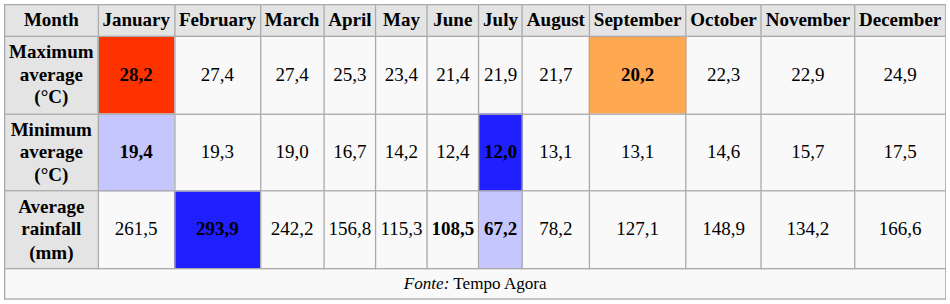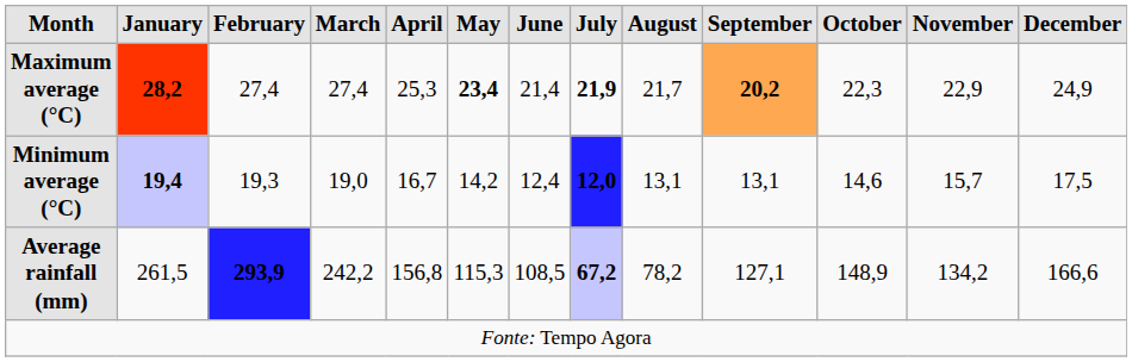 <table class="wikitable" style="font-size:90%;width:100%;border:0px;text-align:center;line-height:120%;">
 <tr>
 <th style="background: #E4E4E4; color: black;" height="17">Month</th>
 <th style="background: #E4E4E4; color: black;">January</th>
 <th style="background: #E4E4E4; color: black;">February</th>
 <th style="background: #E4E4E4; color: black;">March</th>
 <th style="background: #E4E4E4; color: black;">April</th>
 <th style="background: #E4E4E4; color: black;">May</th>
 <th style="background: #E4E4E4; color: black;">June</th>
 <th style="background: #E4E4E4; color: black;">July</th>
 <th style="background: #E4E4E4; color: black;">August</th>
 <th style="background: #E4E4E4; color: black;">September</th>
 <th style="background: #E4E4E4; color:#000000;">October</th>
 <th style="background: #E4E4E4; color:#000000;">November</th>
 <th style="background: #E4E4E4; color:#000000;">December</th>
 </tr>
 <tr>
 <th style="background: #E4E4E4; color:#000000;" height="16;">Maximum average (°C)</th>
 <td style="background: #FF3300; color:#000000;"><strong>28,2</strong></td>
 <td style="background: color:#000000;">27,4</td>
 <td style="background: color:#000000;">27,4</td>
 <td style="background: color:#000000;">25,3</td>
-<td style="background: color:#000000;">23,4</td>
+<td style="background: color:#000000;"><strong>23,4</strong></td>
 <td style="background: color:#000000;">21,4</td>
-<td style="background: color:#000000;">21,9</td>
+<td style="background: color:#000000;"><strong>21,9</strong></td>
 <td style="background: color:#000000;">21,7</td>
 <td style="background: #FFA852; color:#000000;"><strong>20,2</strong></td>
 <td style="background: color:#000000;">22,3</td>
 <td style="background: color:#000000;">22,9</td>
 <td style="background: color:#000000;">24,9</td>
 </tr>
 <tr>
 <th style="background: #E4E4E4; color:#000000;" height="16;">Minimum average (°C)</th>
 <td style="background: #C6C6FF; color: black;"><strong>19,4</strong></td>
 <td style="background: color: black;">19,3</td>
 <td style="background: color: black;">19,0</td>
 <td style="background: color: black;">16,7</td>
 <td style="background: color: black;">14,2</td>
 <td style="background: color: black;">12,4</td>
 <td style="background: #1F1FFF; color: black;"><strong>12,0</strong></td>
 <td style="background: color: black;">13,1</td>
 <td style="background: color: black;">13,1</td>
 <td style="background: color: black;">14,6</td>
 <td style="background: color: black;">15,7</td>
 <td style="background: color: black;">17,5</td>
 </tr>
 <tr>
 <th style="background: #E4E4E4; color:#000000;" height="16;">Average rainfall (mm)</th>
 <td style="background: color: black;">261,5</td>
 <td style="background: #1F1FFF; color: black;"><strong>293,9</strong></td>
 <td style="background: color: black;">242,2</td>
 <td style="background: color: black;">156,8</td>
 <td style="background: color: black;">115,3</td>
-<td style="background: color: black;"><strong>108,5</strong></td>
+<td style="background: color: black;">108,5</td>
 <td style="background: #C6C6FF; color: black;"><strong>67,2</strong></td>
 <td style="background: color: black;">78,2</td>
 <td style="background: color: black;">127,1</td>
 <td style="background: color: black;">148,9</td>
 <td style="background: color: black;">134,2</td>
 <td style="background: color: black;">166,6</td>
 </tr>
 <tr>
 <td colspan="14" style="text-align:center;font-size:90%;"><em>Fonte:</em> Tempo Agora<em></td>
 </tr>
 </table>
